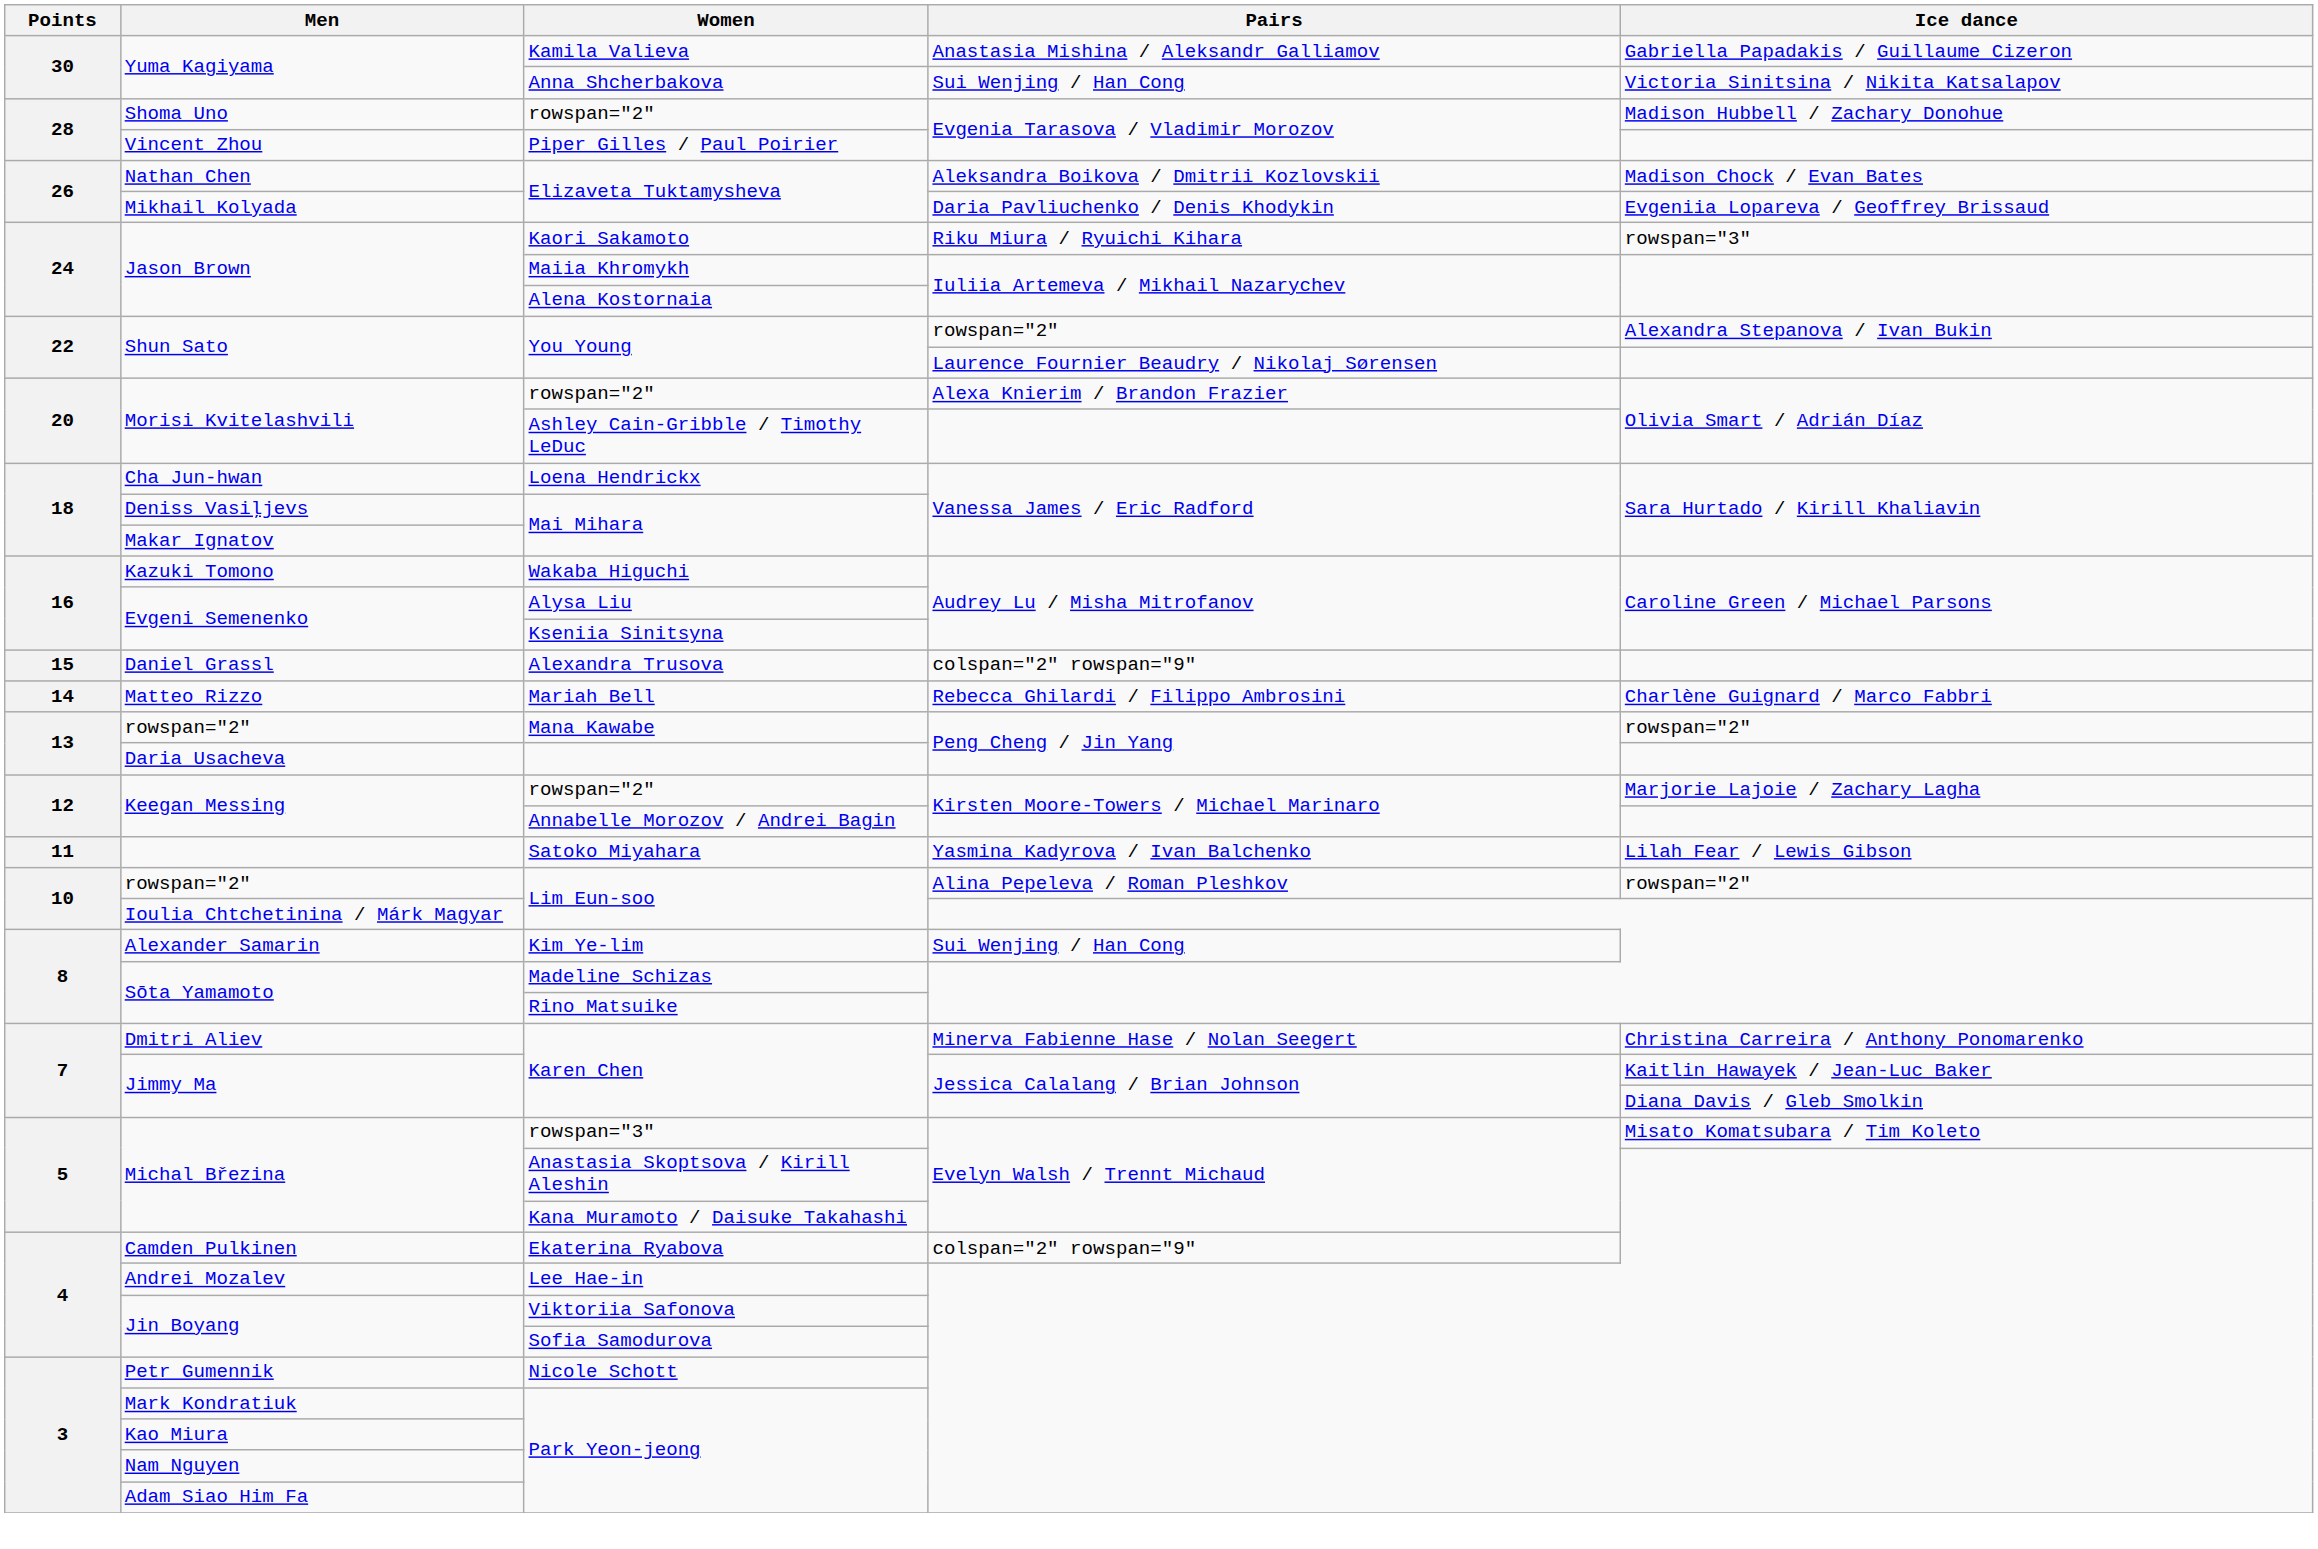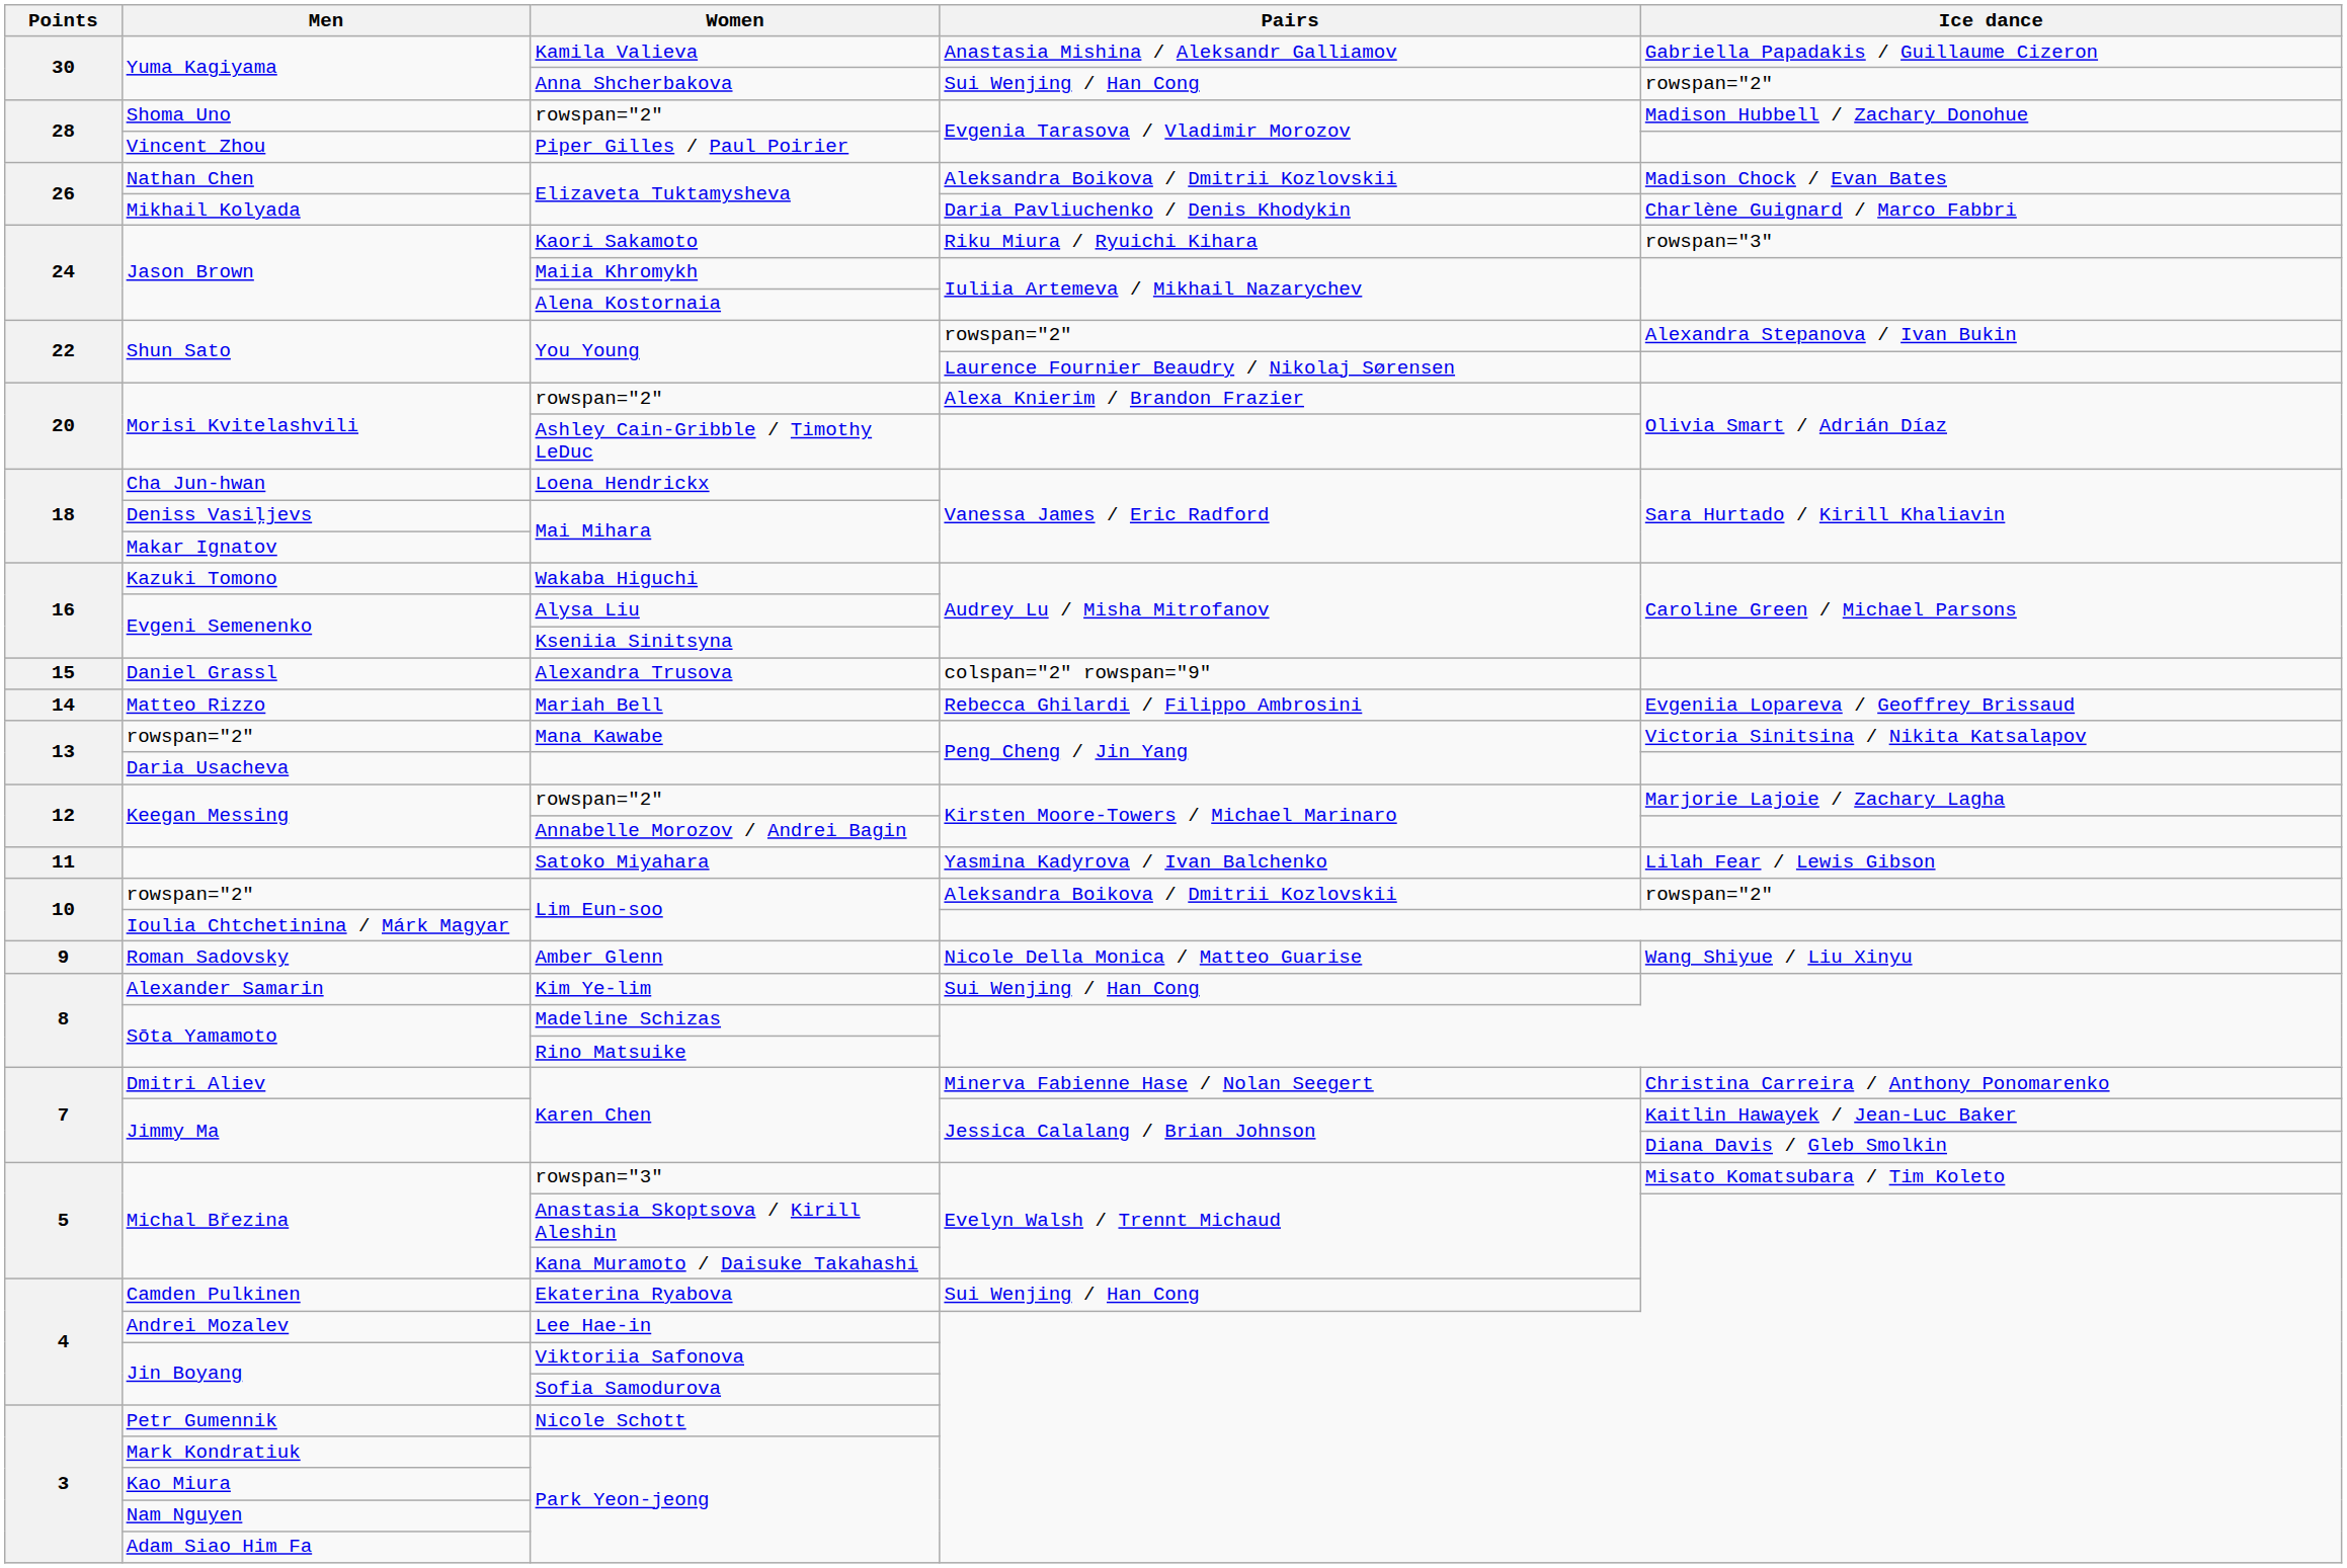 <table class="wikitable">
 <tr>
 <th scope="col" style="width:5%">Points</th>
 <th scope="col" style="width:17.5%">Men</th>
 <th scope="col" style="width:17.5%">Women</th>
 <th scope="col" style="width:30%">Pairs</th>
 <th scope="col" style="width:30%">Ice dance</th>
 </tr>
 <tr>
 <th rowspan="2" scope="row">30</th>
 <td rowspan="2"> <a href='#'>Yuma Kagiyama</a></td>
 <td> <a href='#'>Kamila Valieva</a></td>
 <td> <a href='#'>Anastasia Mishina</a> / <a href='#'>Aleksandr Galliamov</a></td>
 <td> <a href='#'>Gabriella Papadakis</a> / <a href='#'>Guillaume Cizeron</a></td>
 </tr>
 <tr>
 <td> <a href='#'>Anna Shcherbakova</a></td>
 <td> <a href='#'>Sui Wenjing</a> / <a href='#'>Han Cong</a></td>
-<td> <a href='#'>Victoria Sinitsina</a> / <a href='#'>Nikita Katsalapov</a></td>
+<td>rowspan="2" </td>
 </tr>
 <tr>
 <th rowspan="2" scope="row">28</th>
 <td> <a href='#'>Shoma Uno</a></td>
 <td>rowspan="2" </td>
 <td rowspan="2"> <a href='#'>Evgenia Tarasova</a> / <a href='#'>Vladimir Morozov</a></td>
 <td> <a href='#'>Madison Hubbell</a> / <a href='#'>Zachary Donohue</a></td>
 </tr>
 <tr>
 <td> <a href='#'>Vincent Zhou</a></td>
 <td> <a href='#'>Piper Gilles</a> / <a href='#'>Paul Poirier</a></td>
 </tr>
 <tr>
 <th rowspan="2" scope="row">26</th>
 <td> <a href='#'>Nathan Chen</a></td>
 <td rowspan="2"> <a href='#'>Elizaveta Tuktamysheva</a></td>
 <td> <a href='#'>Aleksandra Boikova</a> / <a href='#'>Dmitrii Kozlovskii</a></td>
 <td> <a href='#'>Madison Chock</a> / <a href='#'>Evan Bates</a></td>
 </tr>
 <tr>
 <td> <a href='#'>Mikhail Kolyada</a></td>
 <td> <a href='#'>Daria Pavliuchenko</a> / <a href='#'>Denis Khodykin</a></td>
-<td> <a href='#'>Evgeniia Lopareva</a> / <a href='#'>Geoffrey Brissaud</a></td>
+<td> <a href='#'>Charlène Guignard</a> / <a href='#'>Marco Fabbri</a></td>
 </tr>
 <tr>
 <th rowspan="3" scope="row">24</th>
 <td rowspan="3"> <a href='#'>Jason Brown</a></td>
 <td> <a href='#'>Kaori Sakamoto</a></td>
 <td> <a href='#'>Riku Miura</a> / <a href='#'>Ryuichi Kihara</a></td>
 <td>rowspan="3" </td>
 </tr>
 <tr>
 <td> <a href='#'>Maiia Khromykh</a></td>
 <td rowspan="2"> <a href='#'>Iuliia Artemeva</a> / <a href='#'>Mikhail Nazarychev</a></td>
 </tr>
 <tr>
 <td> <a href='#'>Alena Kostornaia</a></td>
 </tr>
 <tr>
 <th rowspan="2" scope="row">22</th>
 <td rowspan="2"> <a href='#'>Shun Sato</a></td>
 <td rowspan="2"> <a href='#'>You Young</a></td>
 <td>rowspan="2" </td>
 <td> <a href='#'>Alexandra Stepanova</a> / <a href='#'>Ivan Bukin</a></td>
 </tr>
 <tr>
 <td> <a href='#'>Laurence Fournier Beaudry</a> / <a href='#'>Nikolaj Sørensen</a></td>
 </tr>
 <tr>
 <th rowspan="2" scope="row">20</th>
 <td rowspan="2"> <a href='#'>Morisi Kvitelashvili</a></td>
 <td>rowspan="2" </td>
 <td> <a href='#'>Alexa Knierim</a> / <a href='#'>Brandon Frazier</a></td>
 <td rowspan="2"> <a href='#'>Olivia Smart</a> / <a href='#'>Adrián Díaz</a></td>
 </tr>
 <tr>
 <td> <a href='#'>Ashley Cain-Gribble</a> / <a href='#'>Timothy LeDuc</a></td>
 </tr>
 <tr>
 <th rowspan="3" scope="row">18</th>
 <td> <a href='#'>Cha Jun-hwan</a></td>
 <td> <a href='#'>Loena Hendrickx</a></td>
 <td rowspan="3"> <a href='#'>Vanessa James</a> / <a href='#'>Eric Radford</a></td>
 <td rowspan="3"> <a href='#'>Sara Hurtado</a> / <a href='#'>Kirill Khaliavin</a></td>
 </tr>
 <tr>
 <td> <a href='#'>Deniss Vasiļjevs</a></td>
 <td rowspan="2"> <a href='#'>Mai Mihara</a></td>
 </tr>
 <tr>
 <td> <a href='#'>Makar Ignatov</a></td>
 </tr>
 <tr>
 <th rowspan="3" scope="row">16</th>
 <td> <a href='#'>Kazuki Tomono</a></td>
 <td> <a href='#'>Wakaba Higuchi</a></td>
 <td rowspan="3"> <a href='#'>Audrey Lu</a> / <a href='#'>Misha Mitrofanov</a></td>
 <td rowspan="3"> <a href='#'>Caroline Green</a> / <a href='#'>Michael Parsons</a></td>
 </tr>
 <tr>
 <td rowspan="2"> <a href='#'>Evgeni Semenenko</a></td>
 <td> <a href='#'>Alysa Liu</a></td>
 </tr>
 <tr>
 <td> <a href='#'>Kseniia Sinitsyna</a></td>
 </tr>
 <tr>
 <th scope="row">15</th>
 <td> <a href='#'>Daniel Grassl</a></td>
 <td> <a href='#'>Alexandra Trusova</a></td>
 <td>colspan="2" rowspan="9" </td>
 </tr>
 <tr>
 <th scope="row">14</th>
 <td> <a href='#'>Matteo Rizzo</a></td>
 <td> <a href='#'>Mariah Bell</a></td>
 <td> <a href='#'>Rebecca Ghilardi</a> / <a href='#'>Filippo Ambrosini</a></td>
-<td> <a href='#'>Charlène Guignard</a> / <a href='#'>Marco Fabbri</a></td>
+<td> <a href='#'>Evgeniia Lopareva</a> / <a href='#'>Geoffrey Brissaud</a></td>
 </tr>
 <tr>
 <th rowspan="2" scope="row">13</th>
 <td>rowspan="2" </td>
 <td> <a href='#'>Mana Kawabe</a></td>
 <td rowspan="2"> <a href='#'>Peng Cheng</a> / <a href='#'>Jin Yang</a></td>
-<td>rowspan="2" </td>
+<td> <a href='#'>Victoria Sinitsina</a> / <a href='#'>Nikita Katsalapov</a></td>
 </tr>
 <tr>
 <td> <a href='#'>Daria Usacheva</a></td>
 </tr>
 <tr>
 <th rowspan="2" scope="row">12</th>
 <td rowspan="2"> <a href='#'>Keegan Messing</a></td>
 <td>rowspan="2" </td>
 <td rowspan="2"> <a href='#'>Kirsten Moore-Towers</a> / <a href='#'>Michael Marinaro</a></td>
 <td> <a href='#'>Marjorie Lajoie</a> / <a href='#'>Zachary Lagha</a></td>
 </tr>
 <tr>
 <td> <a href='#'>Annabelle Morozov</a> / <a href='#'>Andrei Bagin</a></td>
 </tr>
 <tr>
 <th scope="row">11</th>
 <td></td>
 <td> <a href='#'>Satoko Miyahara</a></td>
 <td> <a href='#'>Yasmina Kadyrova</a> / <a href='#'>Ivan Balchenko</a></td>
 <td> <a href='#'>Lilah Fear</a> / <a href='#'>Lewis Gibson</a></td>
 </tr>
 <tr>
 <th rowspan="2" scope="row">10</th>
 <td>rowspan="2" </td>
 <td rowspan="2"> <a href='#'>Lim Eun-soo</a></td>
-<td> <a href='#'>Alina Pepeleva</a> / <a href='#'>Roman Pleshkov</a></td>
+<td> <a href='#'>Aleksandra Boikova</a> / <a href='#'>Dmitrii Kozlovskii</a></td>
 <td>rowspan="2" </td>
 </tr>
 <tr>
 <td> <a href='#'>Ioulia Chtchetinina</a> / <a href='#'>Márk Magyar</a></td>
+</tr>
+<tr>
+<th scope="row">9</th>
+<td> <a href='#'>Roman Sadovsky</a></td>
+<td> <a href='#'>Amber Glenn</a></td>
+<td> <a href='#'>Nicole Della Monica</a> / <a href='#'>Matteo Guarise</a></td>
+<td> <a href='#'>Wang Shiyue</a> / <a href='#'>Liu Xinyu</a></td>
 </tr>
 <tr>
 <th rowspan="3" scope="row">8</th>
 <td> <a href='#'>Alexander Samarin</a></td>
 <td> <a href='#'>Kim Ye-lim</a></td>
 <td> <a href='#'>Sui Wenjing</a> / <a href='#'>Han Cong</a></td>
 </tr>
 <tr>
 <td rowspan="2"> <a href='#'>Sōta Yamamoto</a></td>
 <td> <a href='#'>Madeline Schizas</a></td>
 </tr>
 <tr>
 <td> <a href='#'>Rino Matsuike</a></td>
 </tr>
 <tr>
 <th rowspan="3" scope="row">7</th>
 <td> <a href='#'>Dmitri Aliev</a></td>
 <td rowspan="3"> <a href='#'>Karen Chen</a></td>
 <td> <a href='#'>Minerva Fabienne Hase</a> / <a href='#'>Nolan Seegert</a></td>
 <td> <a href='#'>Christina Carreira</a> / <a href='#'>Anthony Ponomarenko</a></td>
 </tr>
 <tr>
 <td rowspan="2"> <a href='#'>Jimmy Ma</a></td>
 <td rowspan="2"> <a href='#'>Jessica Calalang</a> / <a href='#'>Brian Johnson</a></td>
 <td> <a href='#'>Kaitlin Hawayek</a> / <a href='#'>Jean-Luc Baker</a></td>
 </tr>
 <tr>
 <td> <a href='#'>Diana Davis</a> / <a href='#'>Gleb Smolkin</a></td>
 </tr>
 <tr>
 <th rowspan="3" scope="row">5</th>
 <td rowspan="3"> <a href='#'>Michal Březina</a></td>
 <td>rowspan="3" </td>
 <td rowspan="3"> <a href='#'>Evelyn Walsh</a> / <a href='#'>Trennt Michaud</a></td>
 <td> <a href='#'>Misato Komatsubara</a> / <a href='#'>Tim Koleto</a></td>
 </tr>
 <tr>
 <td> <a href='#'>Anastasia Skoptsova</a> / <a href='#'>Kirill Aleshin</a></td>
 </tr>
 <tr>
 <td> <a href='#'>Kana Muramoto</a> / <a href='#'>Daisuke Takahashi</a></td>
 </tr>
 <tr>
 <th rowspan="4" scope="row">4</th>
 <td> <a href='#'>Camden Pulkinen</a></td>
 <td> <a href='#'>Ekaterina Ryabova</a></td>
-<td>colspan="2" rowspan="9" </td>
+<td> <a href='#'>Sui Wenjing</a> / <a href='#'>Han Cong</a></td>
 </tr>
 <tr>
 <td> <a href='#'>Andrei Mozalev</a></td>
 <td> <a href='#'>Lee Hae-in</a></td>
 </tr>
 <tr>
 <td rowspan="2"> <a href='#'>Jin Boyang</a></td>
 <td> <a href='#'>Viktoriia Safonova</a></td>
 </tr>
 <tr>
 <td> <a href='#'>Sofia Samodurova</a></td>
 </tr>
 <tr>
 <th rowspan="5" scope="row">3</th>
 <td> <a href='#'>Petr Gumennik</a></td>
 <td> <a href='#'>Nicole Schott</a></td>
 </tr>
 <tr>
 <td> <a href='#'>Mark Kondratiuk</a></td>
 <td rowspan="4"> <a href='#'>Park Yeon-jeong</a></td>
 </tr>
 <tr>
 <td> <a href='#'>Kao Miura</a></td>
 </tr>
 <tr>
 <td> <a href='#'>Nam Nguyen</a></td>
 </tr>
 <tr>
 <td> <a href='#'>Adam Siao Him Fa</a></td>
 </tr>
 </table>
